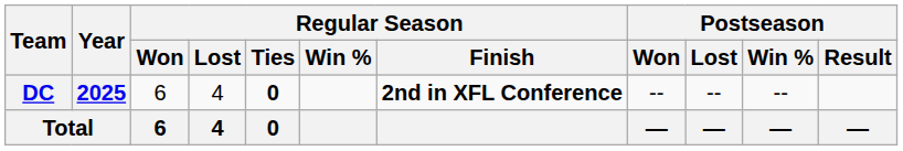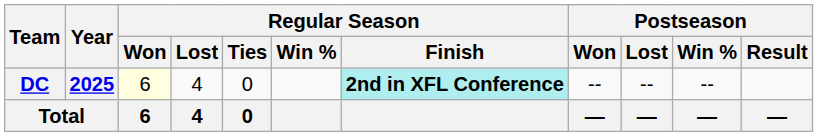 <table class="wikitable" style="font-size: 95%; text-align:center;">
 <tr>
 <th rowspan="2">Team</th>
 <th rowspan="2">Year</th>
 <th colspan="5">Regular Season</th>
 <th colspan="4">Postseason</th>
 </tr>
 <tr>
 <th>Won</th>
 <th>Lost</th>
 <th>Ties</th>
 <th>Win %</th>
 <th>Finish</th>
 <th>Won</th>
 <th>Lost</th>
 <th>Win %</th>
 <th>Result</th>
 </tr>
 <tr>
 <th><a href='#'>DC</a></th>
 <th><a href='#'>2025</a></th>
-<td>6</td>
+<td style="background: lightyellow;">6</td>
 <td>4</td>
-<td><strong>0</strong></td>
+<td>0</td>
 <td></td>
-<td><strong>2nd in XFL Conference</strong></td>
+<td style="background: paleturquoise;"><strong>2nd in XFL Conference</strong></td>
 <td>--</td>
 <td>--</td>
 <td>--</td>
 <td></td>
 </tr>
 <tr>
 <th colspan="2">Total</th>
 <th>6</th>
 <th>4</th>
 <th>0</th>
 <th></th>
 <th></th>
 <th>—</th>
 <th>—</th>
 <th>—</th>
 <th>—</th>
 </tr>
 </table>
